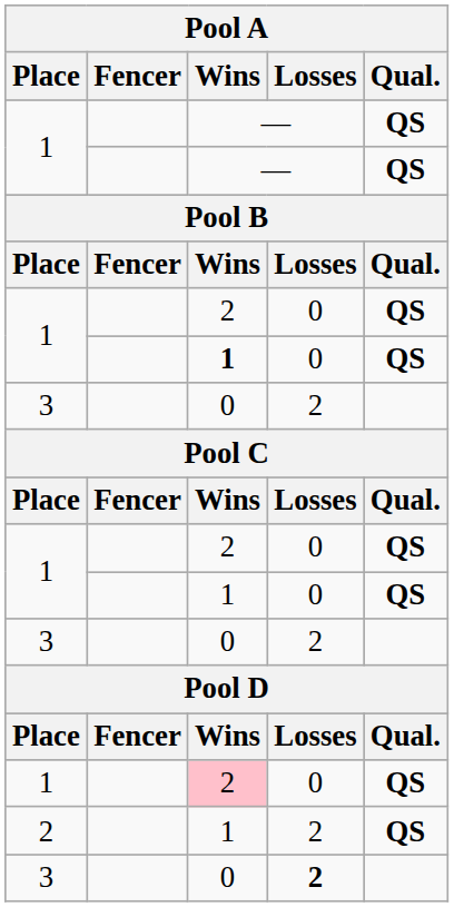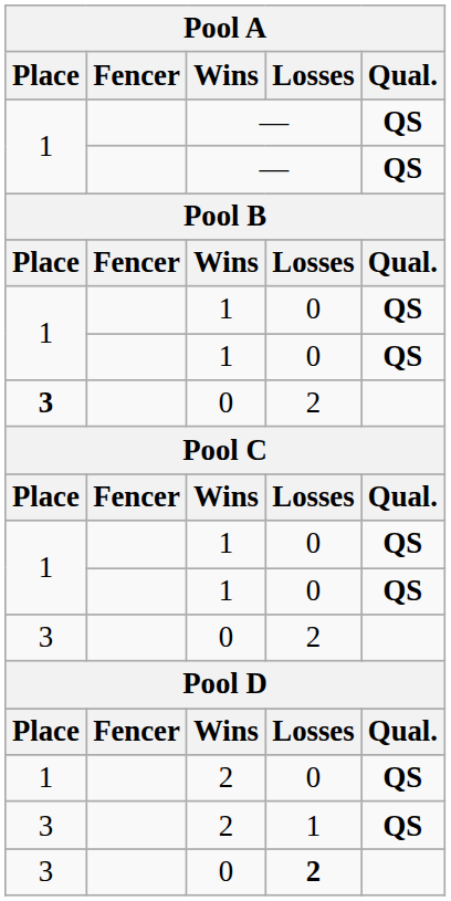 <table class=wikitable style="text-align:center">
 <tr>
 <th colspan=5>Pool A</th>
 </tr>
 <tr>
 <th>Place</th>
 <th>Fencer</th>
 <th>Wins</th>
 <th>Losses</th>
 <th>Qual.</th>
 </tr>
 <tr>
 <td rowspan=2>1</td>
 <td align=left></td>
 <td colspan=2>—</td>
 <td><strong>QS</strong></td>
 </tr>
 <tr>
 <td align=left></td>
 <td colspan=2>—</td>
 <td><strong>QS</strong></td>
 </tr>
 <tr>
 <th colspan=5>Pool B</th>
 </tr>
 <tr>
 <th>Place</th>
 <th>Fencer</th>
 <th>Wins</th>
 <th>Losses</th>
 <th>Qual.</th>
 </tr>
 <tr>
 <td rowspan=2>1</td>
 <td align=left></td>
-<td>2</td>
+<td>1</td>
 <td>0</td>
 <td><strong>QS</strong></td>
 </tr>
 <tr>
 <td align=left></td>
-<td><strong>1</strong></td>
+<td>1</td>
 <td>0</td>
 <td><strong>QS</strong></td>
 </tr>
 <tr>
-<td>3</td>
+<td><strong>3</strong></td>
 <td align=left></td>
 <td>0</td>
 <td>2</td>
 <td></td>
 </tr>
 <tr>
 <th colspan=5>Pool C</th>
 </tr>
 <tr>
 <th>Place</th>
 <th>Fencer</th>
 <th>Wins</th>
 <th>Losses</th>
 <th>Qual.</th>
 </tr>
 <tr>
 <td rowspan=2>1</td>
 <td align=left></td>
-<td>2</td>
+<td>1</td>
 <td>0</td>
 <td><strong>QS</strong></td>
 </tr>
 <tr>
 <td align=left></td>
 <td>1</td>
 <td>0</td>
 <td><strong>QS</strong></td>
 </tr>
 <tr>
 <td>3</td>
 <td align=left></td>
 <td>0</td>
 <td>2</td>
 <td></td>
 </tr>
 <tr>
 <th colspan=5>Pool D</th>
 </tr>
 <tr>
 <th>Place</th>
 <th>Fencer</th>
 <th>Wins</th>
 <th>Losses</th>
 <th>Qual.</th>
 </tr>
 <tr>
 <td>1</td>
 <td align=left></td>
-<td style="background: pink;">2</td>
+<td>2</td>
 <td>0</td>
 <td><strong>QS</strong></td>
 </tr>
 <tr>
+<td>3</td>
+<td align=left></td>
 <td>2</td>
-<td align=left></td>
 <td>1</td>
-<td>2</td>
 <td><strong>QS</strong></td>
 </tr>
 <tr>
 <td>3</td>
 <td align=left></td>
 <td>0</td>
 <td><strong>2</strong></td>
 <td></td>
 </tr>
 </table>
